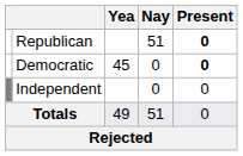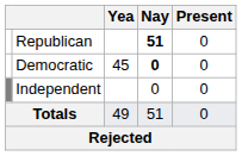 <table class="wikitable" style="text-align:center;background:white;">
 <tr>
 <th scope="col" colspan="2"></th>
 <th scope="col">Yea</th>
 <th scope="col">Nay</th>
 <th scope="col">Present</th>
 </tr>
 <tr>
 <td style="background-color:"></td>
 <td style="text-align:left;">Republican</td>
 <td></td>
-<td>51</td>
-<td><strong>0</strong></td>
+<td><strong>51</strong></td>
+<td>0</td>
 </tr>
 <tr>
 <td style="background-color:"></td>
 <td style="text-align:left;">Democratic</td>
 <td>45</td>
+<td><strong>0</strong></td>
 <td>0</td>
-<td><strong>0</strong></td>
 </tr>
 <tr>
 <td style="background:gray;"></td>
 <td style="text-align:left;">Independent</td>
 <td></td>
 <td>0</td>
 <td>0</td>
 </tr>
 <tr style="background:#EAECF0;">
 <th scope="row" colspan="2">Totals</th>
 <td>49</td>
 <td>51</td>
 <td>0</td>
 </tr>
 <tr>
 <th scope="row" colspan="6">Rejected</th>
 </tr>
 </table>
